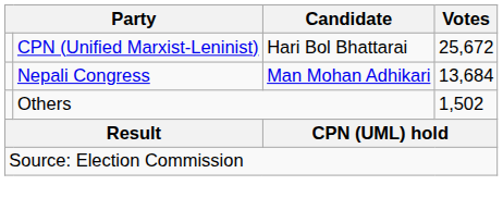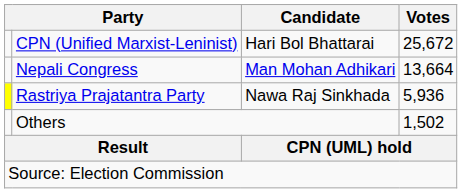 <table class = "wikitable">
 <tr>
 <th colspan="2">Party</th>
 <th>Candidate</th>
 <th>Votes</th>
 </tr>
 <tr>
 <td style="background-color:"></td>
 <td><a href='#'>CPN (Unified Marxist-Leninist)</a></td>
 <td>Hari Bol Bhattarai</td>
 <td>25,672</td>
 </tr>
 <tr>
 <td style="background-color:"></td>
 <td><a href='#'>Nepali Congress</a></td>
 <td><a href='#'>Man Mohan Adhikari</a></td>
-<td>13,684</td>
+<td>13,664</td>
+</tr>
+<tr>
+<td style="background-color:yellow"></td>
+<td><a href='#'>Rastriya Prajatantra Party</a></td>
+<td>Nawa Raj Sinkhada</td>
+<td>5,936</td>
 </tr>
 <tr>
 <td></td>
 <td colspan="2">Others</td>
 <td>1,502</td>
 </tr>
 <tr>
 <th colspan="2">Result</th>
 <th colspan="2">CPN (UML) hold</th>
 </tr>
 <tr>
 <td colspan="4">Source: Election Commission</td>
 </tr>
 </table>
